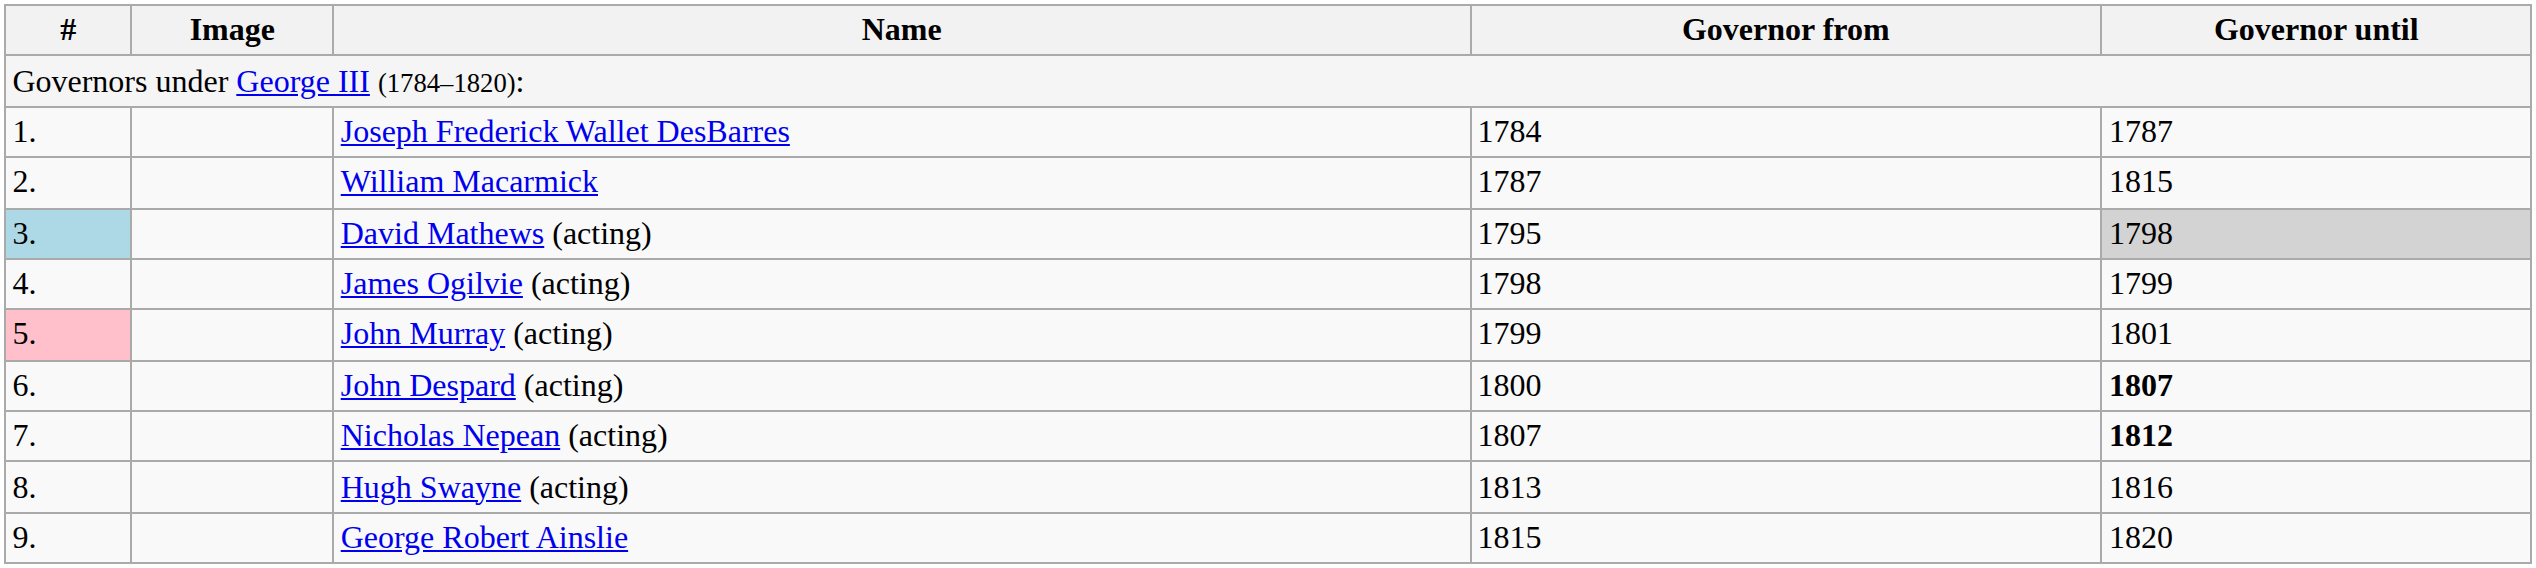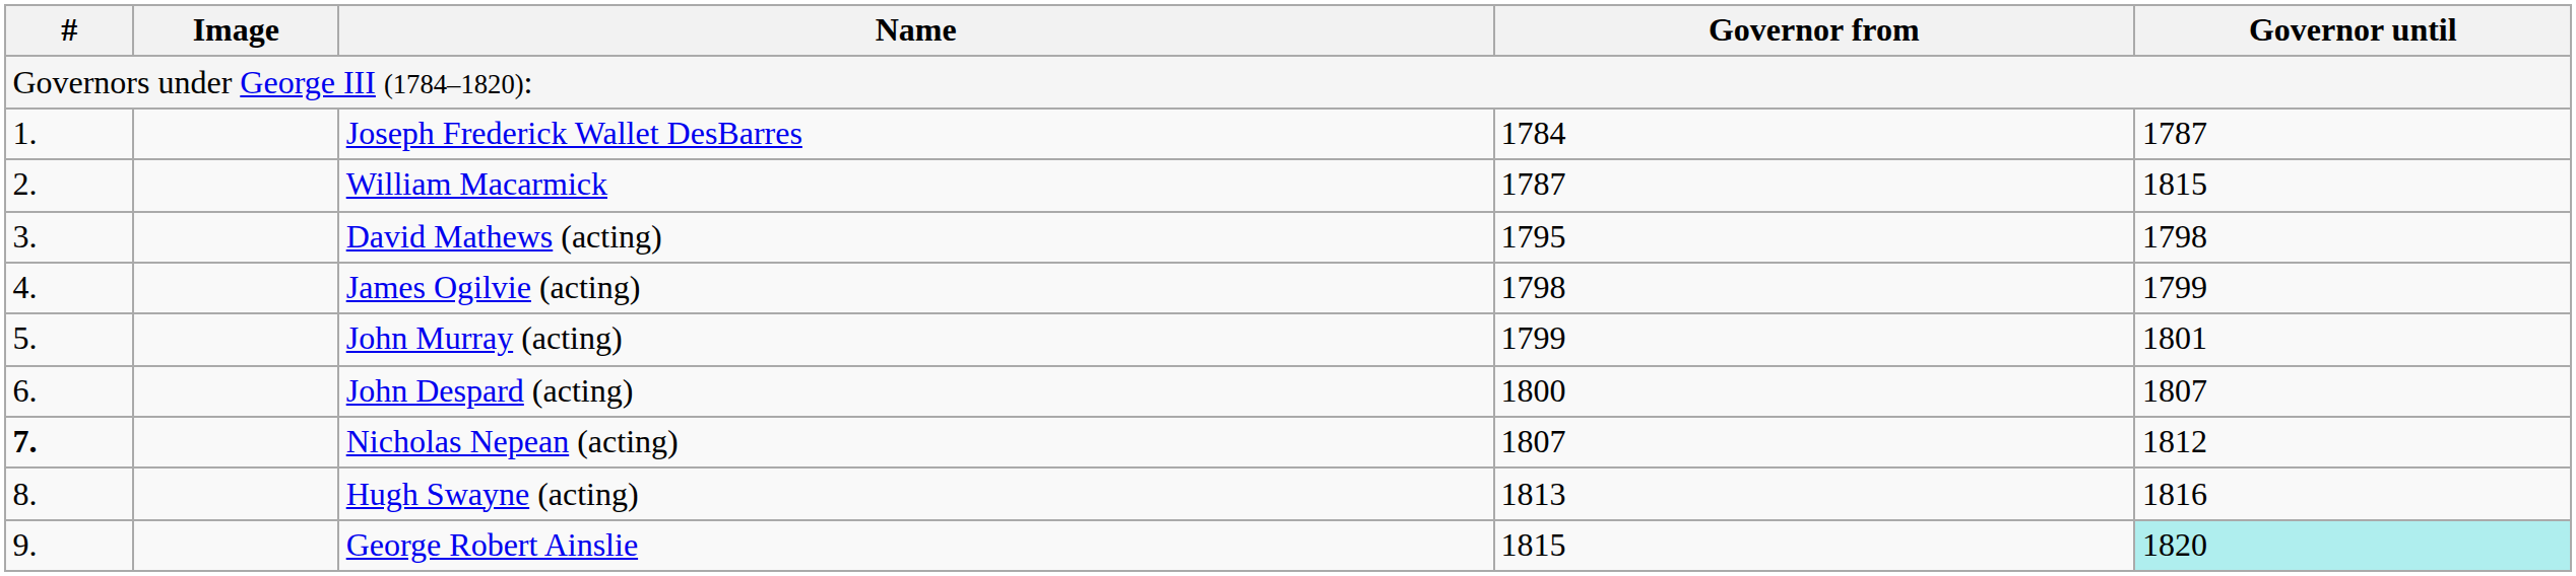 <table class="wikitable" style="width:100%">
 <tr>
 <th width="5%">#</th>
 <th width="8%">Image</th>
 <th width="45%">Name</th>
 <th width="25%">Governor from</th>
 <th width="25%">Governor until</th>
 </tr>
 <tr bgcolor="#F5F5F5">
 <td colspan="5" align="left"><span>Governors under <a href='#'>George III</a> <small>(1784–1820)</small>:</span></td>
 </tr>
 <tr>
 <td>1.</td>
 <td></td>
 <td><a href='#'>Joseph Frederick Wallet DesBarres</a></td>
 <td>1784</td>
 <td>1787</td>
 </tr>
 <tr>
 <td>2.</td>
 <td></td>
 <td><a href='#'>William Macarmick</a></td>
 <td>1787</td>
 <td>1815</td>
 </tr>
 <tr>
-<td style="background: lightblue;">3.</td>
+<td>3.</td>
 <td></td>
 <td><a href='#'>David Mathews</a> (acting)</td>
 <td>1795</td>
-<td style="background: lightgrey;">1798</td>
+<td>1798</td>
 </tr>
 <tr>
 <td>4.</td>
 <td></td>
 <td><a href='#'>James Ogilvie</a> (acting)</td>
 <td>1798</td>
 <td>1799</td>
 </tr>
 <tr>
-<td style="background: pink;">5.</td>
+<td>5.</td>
 <td></td>
 <td><a href='#'>John Murray</a> (acting)</td>
 <td>1799</td>
 <td>1801</td>
 </tr>
 <tr>
 <td>6.</td>
 <td></td>
 <td><a href='#'>John Despard</a> (acting)</td>
 <td>1800</td>
-<td><strong>1807</strong></td>
+<td>1807</td>
 </tr>
 <tr>
-<td>7.</td>
+<td><strong>7.</strong></td>
 <td></td>
 <td><a href='#'>Nicholas Nepean</a> (acting)</td>
 <td>1807</td>
-<td><strong>1812</strong></td>
+<td>1812</td>
 </tr>
 <tr>
 <td>8.</td>
 <td></td>
 <td><a href='#'>Hugh Swayne</a> (acting)</td>
 <td>1813</td>
 <td>1816</td>
 </tr>
 <tr>
 <td>9.</td>
 <td></td>
 <td><a href='#'>George Robert Ainslie</a></td>
 <td>1815</td>
-<td>1820</td>
+<td style="background: paleturquoise;">1820</td>
 </tr>
 </table>
